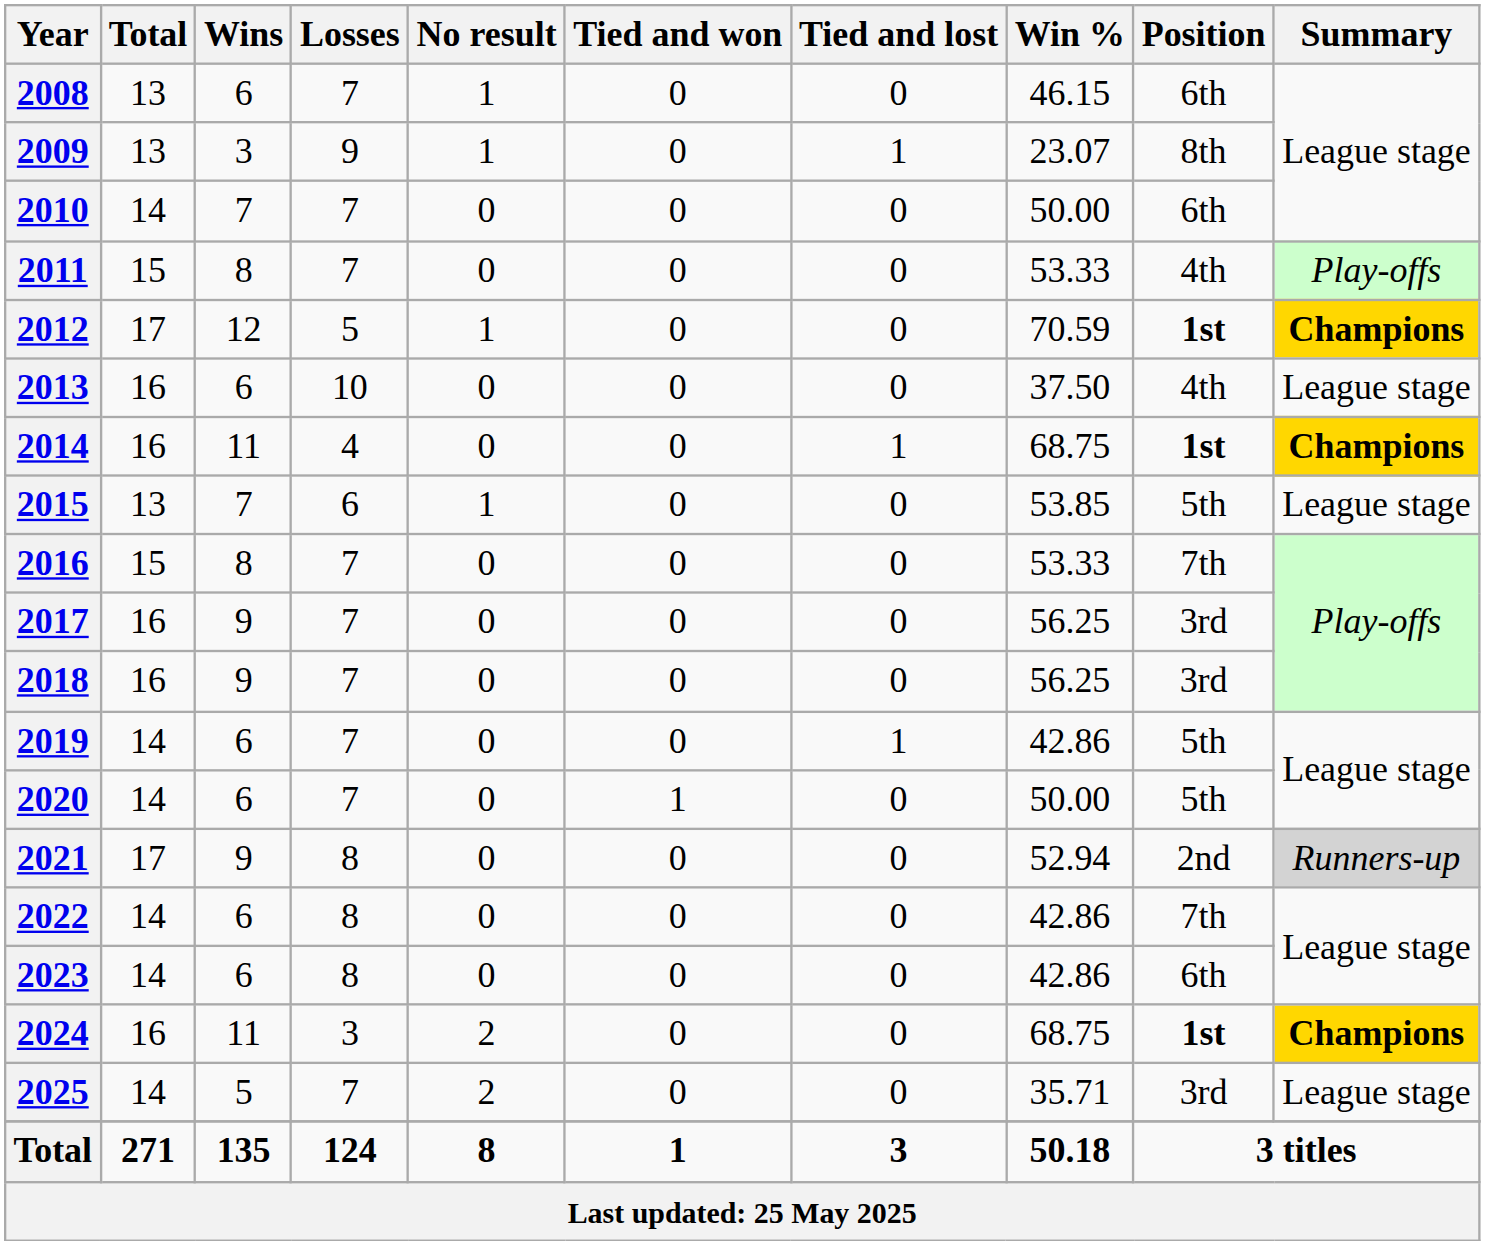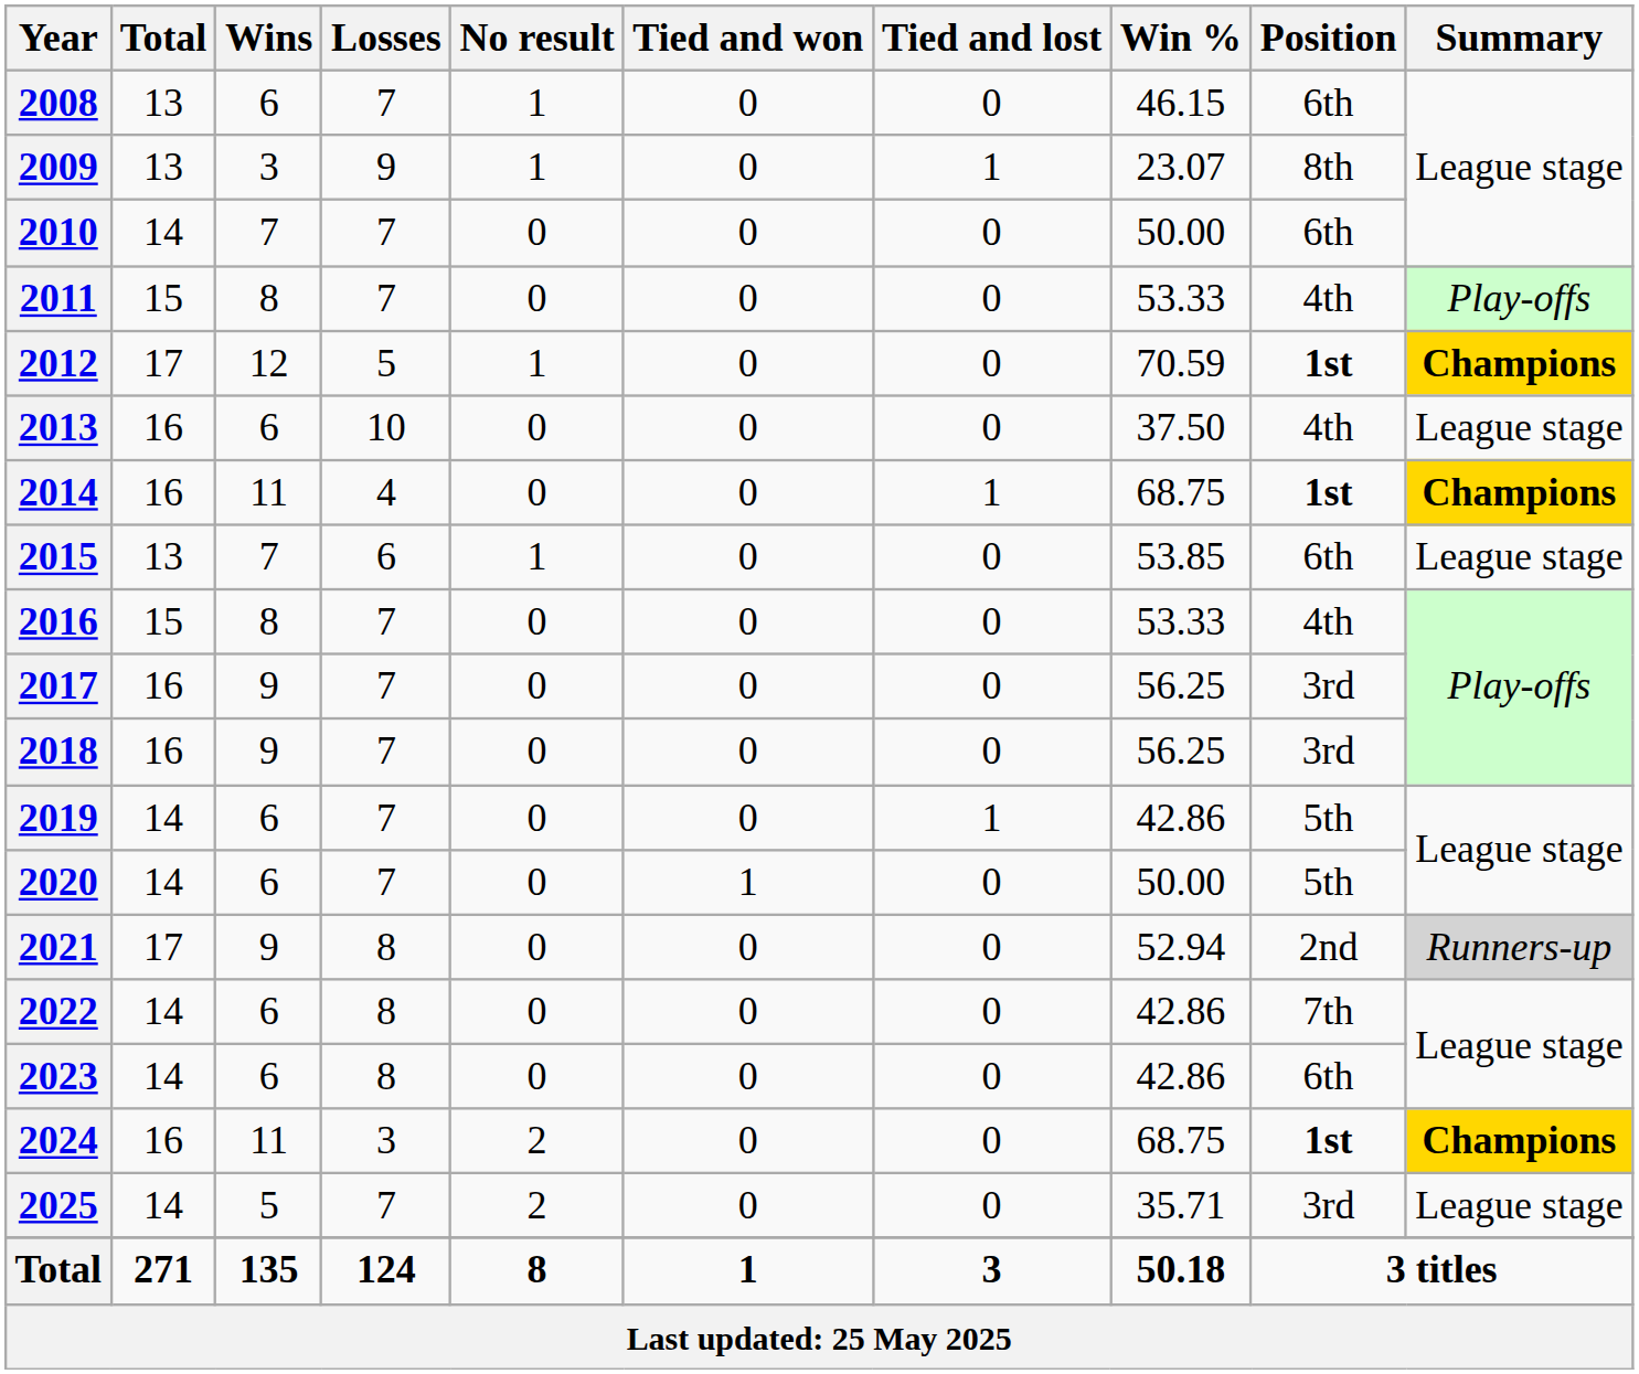 <table class="wikitable sortable" style="text-align:center;font-size:96%;">
 <tr>
 <th>Year</th>
 <th>Total</th>
 <th>Wins</th>
 <th>Losses</th>
 <th>No result</th>
 <th>Tied and won</th>
 <th>Tied and lost</th>
 <th>Win %</th>
 <th>Position</th>
 <th>Summary</th>
 </tr>
 <tr>
 <th><a href='#'>2008</a></th>
 <td>13</td>
 <td>6</td>
 <td>7</td>
 <td>1</td>
 <td>0</td>
 <td>0</td>
 <td>46.15</td>
 <td>6th</td>
 <td rowspan=3>League stage</td>
 </tr>
 <tr>
 <th><a href='#'>2009</a></th>
 <td>13</td>
 <td>3</td>
 <td>9</td>
 <td>1</td>
 <td>0</td>
 <td>1</td>
 <td>23.07</td>
 <td>8th</td>
 </tr>
 <tr>
 <th><a href='#'>2010</a></th>
 <td>14</td>
 <td>7</td>
 <td>7</td>
 <td>0</td>
 <td>0</td>
 <td>0</td>
 <td>50.00</td>
 <td>6th</td>
 </tr>
 <tr>
 <th><a href='#'>2011</a></th>
 <td>15</td>
 <td>8</td>
 <td>7</td>
 <td>0</td>
 <td>0</td>
 <td>0</td>
 <td>53.33</td>
 <td>4th</td>
 <td style="background:#cfc;"><em>Play-offs</em></td>
 </tr>
 <tr>
 <th><a href='#'>2012</a></th>
 <td>17</td>
 <td>12</td>
 <td>5</td>
 <td>1</td>
 <td>0</td>
 <td>0</td>
 <td>70.59</td>
 <td><strong>1st</strong></td>
 <td style="background:gold;"><strong>Champions</strong></td>
 </tr>
 <tr>
 <th><a href='#'>2013</a></th>
 <td>16</td>
 <td>6</td>
 <td>10</td>
 <td>0</td>
 <td>0</td>
 <td>0</td>
 <td>37.50</td>
 <td>4th</td>
 <td>League stage</td>
 </tr>
 <tr>
 <th><a href='#'>2014</a></th>
 <td>16</td>
 <td>11</td>
 <td>4</td>
 <td>0</td>
 <td>0</td>
 <td>1</td>
 <td>68.75</td>
 <td><strong>1st</strong></td>
 <td style="background:gold;"><strong>Champions</strong></td>
 </tr>
 <tr>
 <th><a href='#'>2015</a></th>
 <td>13</td>
 <td>7</td>
 <td>6</td>
 <td>1</td>
 <td>0</td>
 <td>0</td>
 <td>53.85</td>
-<td>5th</td>
+<td>6th</td>
 <td>League stage</td>
 </tr>
 <tr>
 <th><a href='#'>2016</a></th>
 <td>15</td>
 <td>8</td>
 <td>7</td>
 <td>0</td>
 <td>0</td>
 <td>0</td>
 <td>53.33</td>
-<td>7th</td>
+<td>4th</td>
 <td style="background:#cfc;" rowspan=3><em>Play-offs</em></td>
 </tr>
 <tr>
 <th><a href='#'>2017</a></th>
 <td>16</td>
 <td>9</td>
 <td>7</td>
 <td>0</td>
 <td>0</td>
 <td>0</td>
 <td>56.25</td>
 <td>3rd</td>
 </tr>
 <tr>
 <th><a href='#'>2018</a></th>
 <td>16</td>
 <td>9</td>
 <td>7</td>
 <td>0</td>
 <td>0</td>
 <td>0</td>
 <td>56.25</td>
 <td>3rd</td>
 </tr>
 <tr>
 <th><a href='#'>2019</a></th>
 <td>14</td>
 <td>6</td>
 <td>7</td>
 <td>0</td>
 <td>0</td>
 <td>1</td>
 <td>42.86</td>
 <td>5th</td>
 <td rowspan=2>League stage</td>
 </tr>
 <tr>
 <th><a href='#'>2020</a></th>
 <td>14</td>
 <td>6</td>
 <td>7</td>
 <td>0</td>
 <td>1</td>
 <td>0</td>
 <td>50.00</td>
 <td>5th</td>
 </tr>
 <tr>
 <th><a href='#'>2021</a></th>
 <td>17</td>
 <td>9</td>
 <td>8</td>
 <td>0</td>
 <td>0</td>
 <td>0</td>
 <td>52.94</td>
 <td>2nd</td>
 <td style="background:#D3D3D3;"><em>Runners-up</em></td>
 </tr>
 <tr>
 <th><a href='#'>2022</a></th>
 <td>14</td>
 <td>6</td>
 <td>8</td>
 <td>0</td>
 <td>0</td>
 <td>0</td>
 <td>42.86</td>
 <td>7th</td>
 <td rowspan=2>League stage</td>
 </tr>
 <tr>
 <th><a href='#'>2023</a></th>
 <td>14</td>
 <td>6</td>
 <td>8</td>
 <td>0</td>
 <td>0</td>
 <td>0</td>
 <td>42.86</td>
 <td>6th</td>
 </tr>
 <tr>
 <th><a href='#'>2024</a></th>
 <td>16</td>
 <td>11</td>
 <td>3</td>
 <td>2</td>
 <td>0</td>
 <td>0</td>
 <td>68.75</td>
 <td><strong>1st</strong></td>
 <td style="background:gold;"><strong>Champions</strong></td>
 </tr>
 <tr>
 <th><a href='#'>2025</a></th>
 <td>14</td>
 <td>5</td>
 <td>7</td>
 <td>2</td>
 <td>0</td>
 <td>0</td>
 <td>35.71</td>
 <td>3rd</td>
 <td>League stage</td>
 </tr>
 <tr>
 </tr>
 <tr class=sortbottom>
 <th>Total</th>
 <td><strong>271</strong></td>
 <td><strong>135</strong></td>
 <td><strong>124</strong></td>
 <td><strong>8</strong></td>
 <td><strong>1</strong></td>
 <td><strong>3</strong></td>
 <td><strong>50.18</strong></td>
 <td colspan=2 style="text-align:center"><strong>3 titles</strong></td>
 </tr>
 <tr>
 <th colspan=10><small>Last updated: 25 May 2025</small></th>
 </tr>
 </table>
